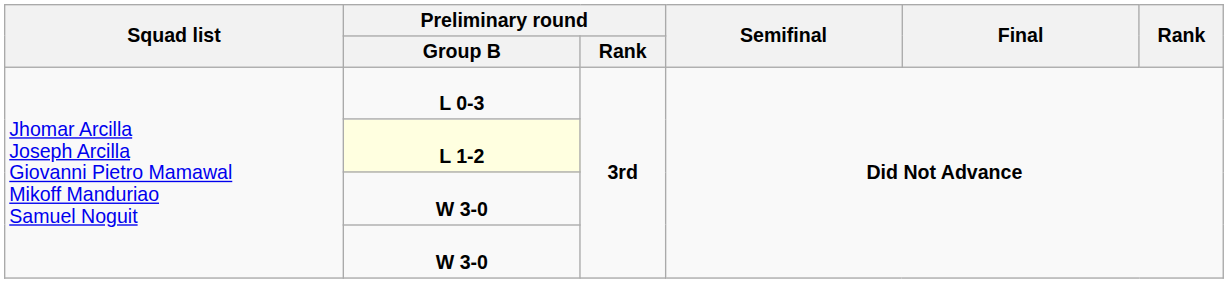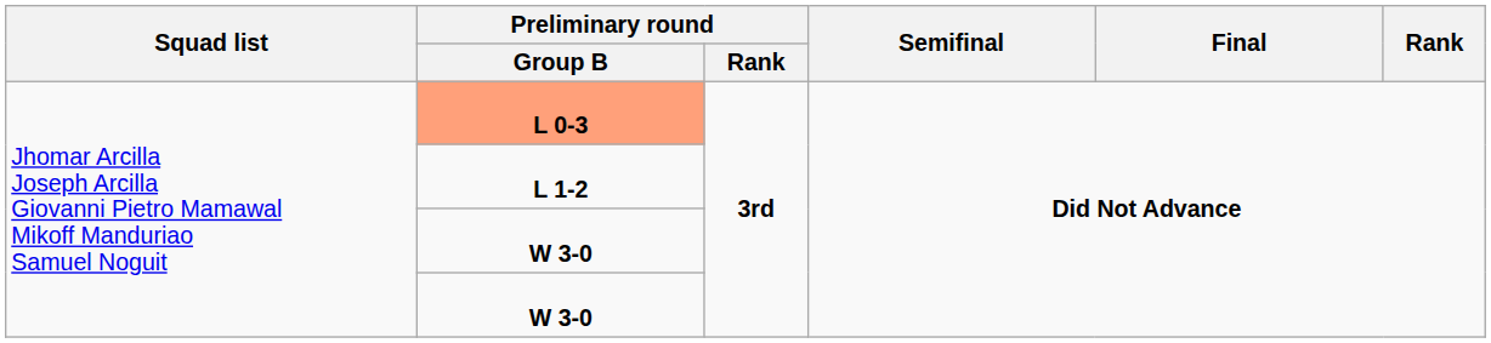 <table class="wikitable" width="71%" style="text-align:left; font-size:90%">
 <tr>
 <th rowspan="2" width="20%">Squad list</th>
 <th colspan="2">Preliminary round</th>
 <th rowspan="2" width="14%">Semifinal</th>
 <th rowspan="2" width="14%">Final</th>
 <th rowspan="2" width="5%">Rank</th>
 </tr>
 <tr>
 <th width="14%">Group B</th>
 <th width="5%">Rank</th>
 </tr>
 <tr>
 <td rowspan="4"><a href='#'>Jhomar Arcilla</a> <br> <a href='#'>Joseph Arcilla</a> <br> <a href='#'>Giovanni Pietro Mamawal</a> <br> <a href='#'>Mikoff Manduriao</a> <br> <a href='#'>Samuel Noguit</a></td>
-<td align=center><br> <strong>L 0-3</strong></td>
+<td align=center style="background: lightsalmon;"><br> <strong>L 0-3</strong></td>
 <td rowspan="4" align=center><strong>3rd</strong></td>
 <td colspan="3" rowspan="4" align=center><strong>Did Not Advance</strong></td>
 </tr>
 <tr>
-<td align=center style="background: lightyellow;"><br> <strong>L 1-2</strong></td>
+<td align=center><br> <strong>L 1-2</strong></td>
 </tr>
 <tr>
 <td align=center><br> <strong>W 3-0</strong></td>
 </tr>
 <tr>
 <td align=center><br> <strong>W 3-0</strong></td>
 </tr>
 </table>
